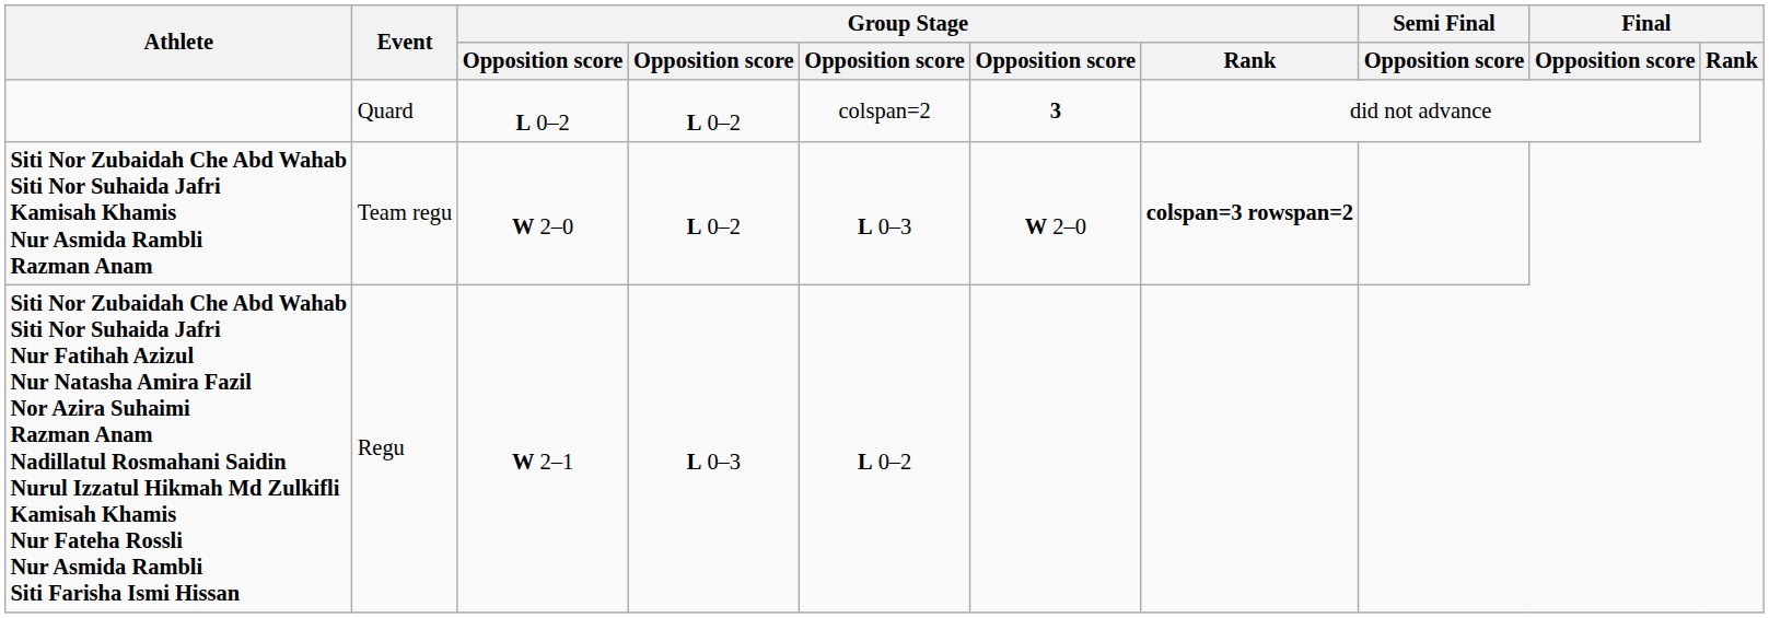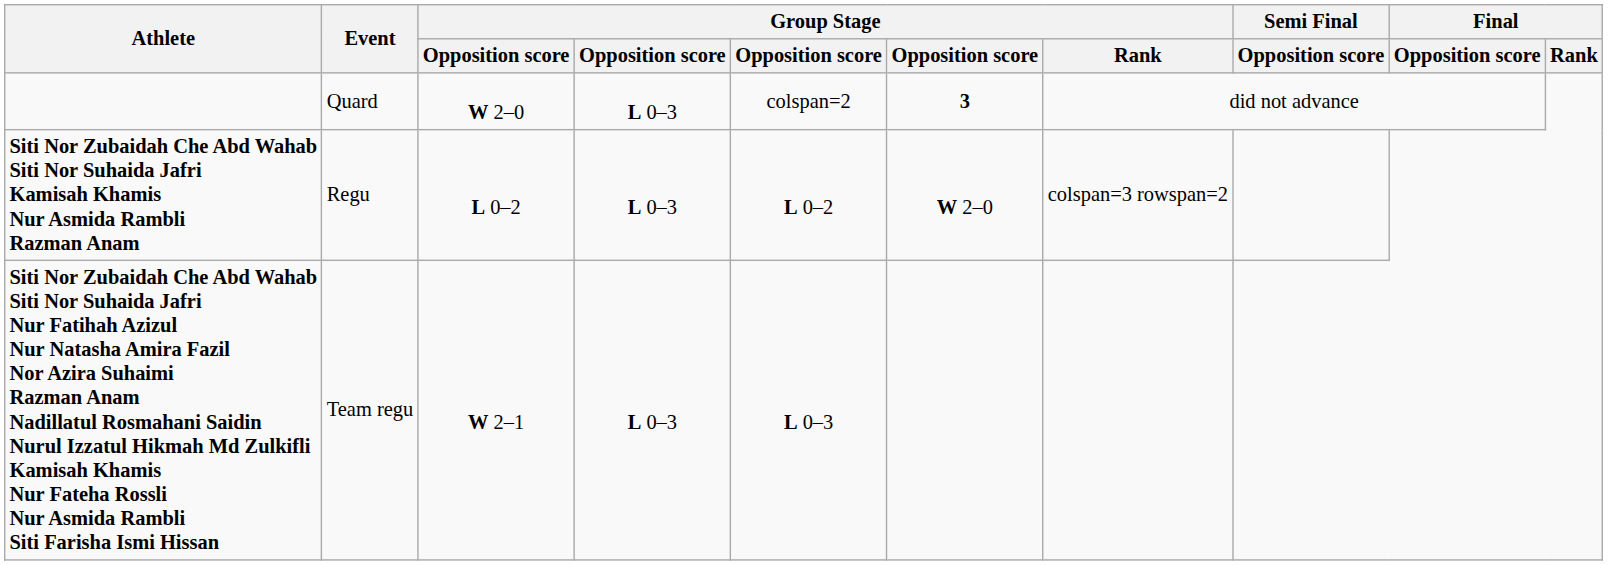 <table class="wikitable" style="font-size:90%">
 <tr>
 <th rowspan="2">Athlete</th>
 <th rowspan="2">Event</th>
 <th colspan="5">Group Stage</th>
 <th>Semi Final</th>
 <th colspan="2">Final</th>
 </tr>
 <tr>
 <th>Opposition score</th>
 <th>Opposition score</th>
 <th>Opposition score</th>
 <th>Opposition score</th>
 <th>Rank</th>
 <th>Opposition score</th>
 <th>Opposition score</th>
 <th>Rank</th>
 </tr>
 <tr align="center">
 <td align="left"></td>
 <td align="left">Quard</td>
-<td><br><strong>L</strong> 0–2</td>
-<td><br><strong>L</strong> 0–2</td>
+<td><br><strong>W</strong> 2–0</td>
+<td><br><strong>L</strong> 0–3</td>
 <td>colspan=2 </td>
 <td><strong>3</strong></td>
 <td colspan=3>did not advance</td>
 </tr>
 <tr align="center">
 <td align="left"><strong>Siti Nor Zubaidah Che Abd Wahab<br>Siti Nor Suhaida Jafri<br>Kamisah Khamis<br>Nur Asmida Rambli<br>Razman Anam</strong></td>
-<td align="left">Team regu</td>
-<td><br><strong>W</strong> 2–0</td>
+<td align="left">Regu</td>
 <td><br><strong>L</strong> 0–2</td>
 <td><br><strong>L</strong> 0–3</td>
+<td><br><strong>L</strong> 0–2</td>
 <td><br><strong>W</strong> 2–0</td>
-<td><strong>colspan=3 rowspan=2 </strong></td>
+<td>colspan=3 rowspan=2 </td>
 <td></td>
 </tr>
 <tr align="center">
 <td align="left"><strong>Siti Nor Zubaidah Che Abd Wahab<br>Siti Nor Suhaida Jafri<br>Nur Fatihah Azizul<br>Nur Natasha Amira Fazil<br>Nor Azira Suhaimi<br>Razman Anam<br>Nadillatul Rosmahani Saidin<br>Nurul Izzatul Hikmah Md Zulkifli<br>Kamisah Khamis<br>Nur Fateha Rossli<br>Nur Asmida Rambli<br>Siti Farisha Ismi Hissan</strong></td>
-<td align="left">Regu</td>
+<td align="left">Team regu</td>
 <td><br><strong>W</strong> 2–1</td>
 <td><br><strong>L</strong> 0–3</td>
-<td><br><strong>L</strong> 0–2</td>
+<td><br><strong>L</strong> 0–3</td>
 <td></td>
 <td></td>
 </tr>
 </table>
